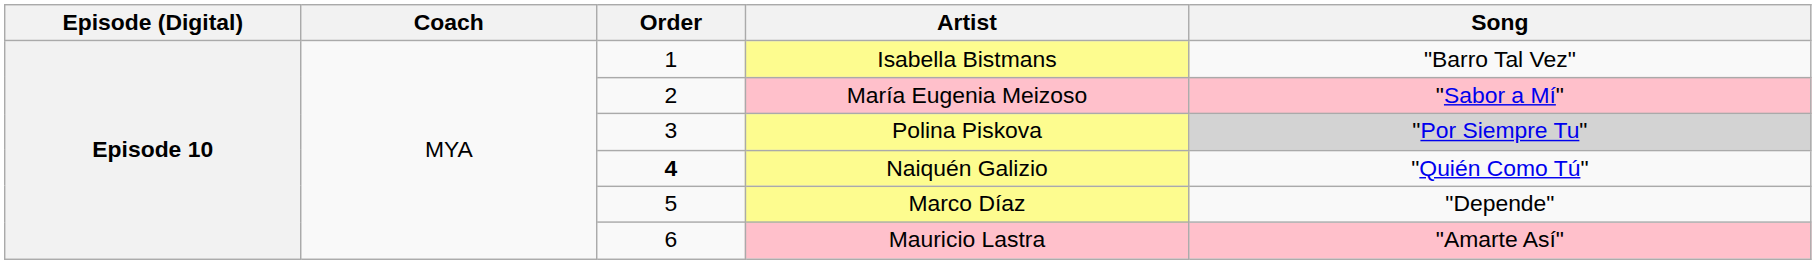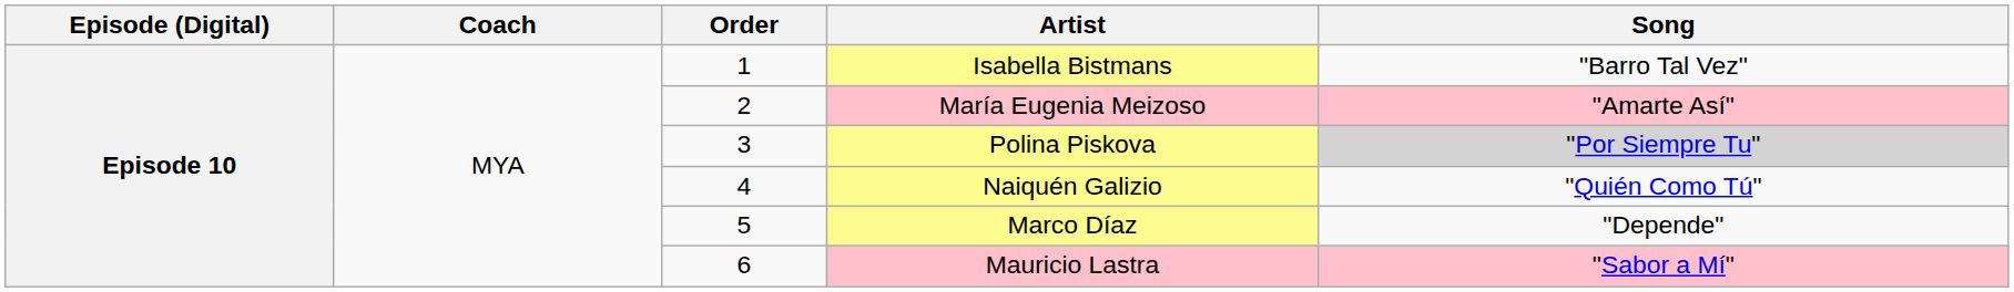 <table class="wikitable" style="text-align:center; width:100%">
 <tr>
 <th style="width:10%">Episode (Digital)</th>
 <th style="width:10%">Coach</th>
 <th style="width:05%">Order</th>
 <th style="width:15%">Artist</th>
 <th style="width:21%">Song</th>
 </tr>
 <tr>
 <th rowspan="6">Episode 10<br></th>
 <td rowspan="6">MYA</td>
 <td>1</td>
 <td style="background:#fdfc8f">Isabella Bistmans</td>
 <td>"Barro Tal Vez"</td>
 </tr>
 <tr>
 <td>2</td>
 <td style="background:pink">María Eugenia Meizoso</td>
-<td style="background:pink">"<a href='#'>Sabor a Mí</a>"</td>
+<td style="background:pink">"Amarte Así"</td>
 </tr>
 <tr>
 <td>3</td>
 <td style="background:#fdfc8f">Polina Piskova</td>
 <td style="background: lightgrey;">"<a href='#'>Por Siempre Tu</a>"</td>
 </tr>
 <tr>
-<td><strong>4</strong></td>
+<td>4</td>
 <td style="background:#fdfc8f">Naiquén Galizio</td>
 <td>"<a href='#'>Quién Como Tú</a>"</td>
 </tr>
 <tr>
 <td>5</td>
 <td style="background:#fdfc8f">Marco Díaz</td>
 <td>"Depende"</td>
 </tr>
 <tr>
 <td>6</td>
 <td style="background:pink">Mauricio Lastra</td>
-<td style="background:pink">"Amarte Así"</td>
+<td style="background:pink">"<a href='#'>Sabor a Mí</a>"</td>
 </tr>
 </table>
